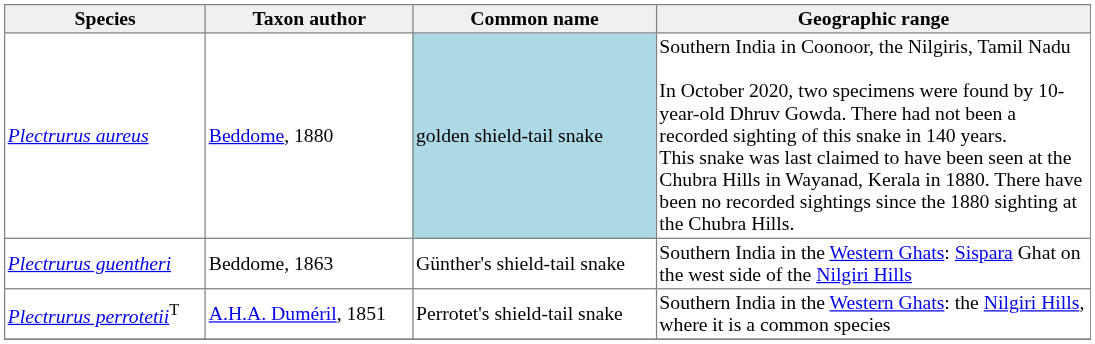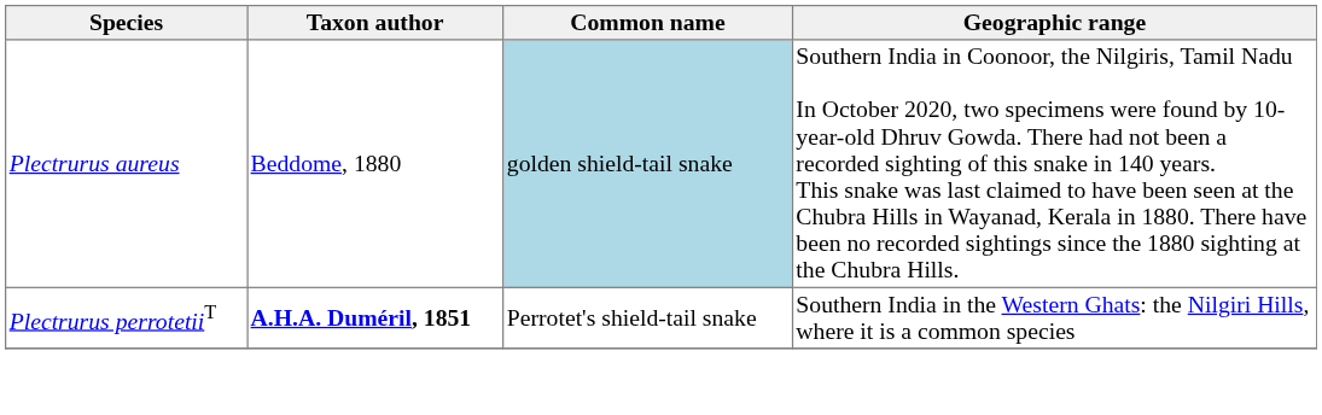 <table cellspacing=0 cellpadding=2 border=1 style="border-collapse: collapse;">
 <tr>
 <th bgcolor="#f0f0f0">Species</th>
 <th bgcolor="#f0f0f0">Taxon author</th>
 <th bgcolor="#f0f0f0">Common name</th>
 <th bgcolor="#f0f0f0">Geographic range</th>
 </tr>
 <tr>
 <td><em><a href='#'>Plectrurus aureus</a></em></td>
 <td><a href='#'>Beddome</a>, 1880</td>
 <td style="background: lightblue;">golden shield-tail snake</td>
 <td style="width:40%">Southern India in Coonoor, the Nilgiris, Tamil Nadu<br><br>In October 2020, two specimens were found by 10-year-old Dhruv Gowda. There had not been a recorded sighting of this snake in 140 years.<br>  This snake was last claimed to have been seen at the Chubra Hills in Wayanad, Kerala in 1880. There have been no recorded sightings since the 1880 sighting at the Chubra Hills.</td>
 </tr>
 <tr>
-<td><em><a href='#'>Plectrurus guentheri</a></em></td>
-<td>Beddome, 1863</td>
-<td>Günther's shield-tail snake</td>
-<td>Southern India in the <a href='#'>Western Ghats</a>: <a href='#'>Sispara</a> Ghat on the west side of the <a href='#'>Nilgiri Hills</a></td>
-</tr>
-<tr>
 <td><em><a href='#'>Plectrurus perrotetii</a></em><span><sup>T</sup></span></td>
-<td><a href='#'>A.H.A. Duméril</a>, 1851</td>
+<td><strong><a href='#'>A.H.A. Duméril</a>, 1851</strong></td>
 <td>Perrotet's shield-tail snake</td>
 <td>Southern India in the <a href='#'>Western Ghats</a>: the <a href='#'>Nilgiri Hills</a>, where it is a common species</td>
 </tr>
 <tr>
 </tr>
 </table>
